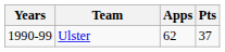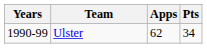 <table class="wikitable" style="text-align:left;">
 <tr>
 <th>Years</th>
 <th width=120px>Team</th>
 <th>Apps</th>
 <th>Pts</th>
 </tr>
 <tr>
 <td>1990-99</td>
 <td><a href='#'>Ulster</a></td>
 <td>62</td>
-<td>37</td>
+<td>34</td>
 </tr>
 </table>
